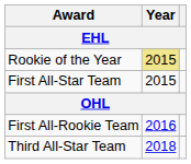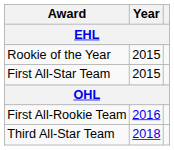 <table class="wikitable">
 <tr>
 <th>Award</th>
 <th>Year</th>
 <th></th>
 </tr>
 <tr ALIGN="center" bgcolor="#e0e0e0">
 <th colspan="3"><a href='#'>EHL</a></th>
 </tr>
 <tr>
 <td>Rookie of the Year</td>
-<td style="background: khaki;">2015</td>
+<td>2015</td>
 <td></td>
 </tr>
 <tr>
 <td>First All-Star Team</td>
 <td>2015</td>
 <td></td>
 </tr>
 <tr ALIGN="center" bgcolor="#e0e0e0">
 <th colspan="3"><a href='#'>OHL</a></th>
 </tr>
 <tr>
 <td>First All-Rookie Team</td>
 <td><a href='#'>2016</a></td>
 <td></td>
 </tr>
 <tr>
 <td>Third All-Star Team</td>
 <td><a href='#'>2018</a></td>
 <td></td>
 </tr>
 </table>
